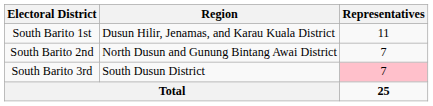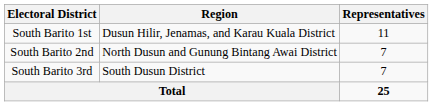 <table class="wikitable">
 <tr>
 <th>Electoral District</th>
 <th>Region</th>
 <th>Representatives</th>
 </tr>
 <tr>
 <td align="center">South Barito 1st</td>
 <td>Dusun Hilir, Jenamas, and Karau Kuala District</td>
 <td align="center">11</td>
 </tr>
 <tr>
 <td align="center">South Barito 2nd</td>
 <td>North Dusun and Gunung Bintang Awai District</td>
 <td align="center">7</td>
 </tr>
 <tr>
 <td align="center">South Barito 3rd</td>
 <td>South Dusun District</td>
-<td align="center" style="background: pink;">7</td>
+<td align="center">7</td>
 </tr>
 <tr>
 <th colspan="2">Total</th>
 <td align="center"><strong>25</strong></td>
 </tr>
 </table>
